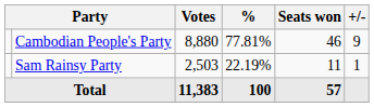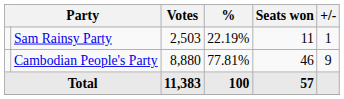 <table class="wikitable" style="font-size:95%;text-align:center;">
 <tr style="background-color:#E9E9E9;">
 <th colspan="2">Party</th>
 <th>Votes</th>
 <th>%</th>
 <th>Seats won</th>
 <th>+/-</th>
 </tr>
 <tr>
 <td style="background:"></td>
+<td style="text-align:left;"><a href='#'>Sam Rainsy Party</a></td>
+<td style="text-align:right;">2,503</td>
+<td style="text-align:right;">22.19%</td>
+<td style="text-align:right;">11</td>
+<td> 1</td>
+</tr>
+<tr>
+<td style="background:"></td>
 <td style="text-align:left;"><a href='#'>Cambodian People's Party</a></td>
 <td style="text-align:right;">8,880</td>
 <td style="text-align:right;">77.81%</td>
 <td style="text-align:right;">46</td>
 <td> 9</td>
-</tr>
-<tr>
-<td style="background:"></td>
-<td style="text-align:left;"><a href='#'>Sam Rainsy Party</a></td>
-<td style="text-align:right;">2,503</td>
-<td style="text-align:right;">22.19%</td>
-<td style="text-align:right;">11</td>
-<td> 1</td>
 </tr>
 <tr>
 <td colspan=2 bgcolor="#E9E9E9"><strong>Total</strong></td>
 <td align=right bgcolor="#E9E9E9"><strong>11,383</strong></td>
 <td align=right bgcolor="#E9E9E9"><strong>100</strong></td>
 <td align=right bgcolor="#E9E9E9"><strong>57</strong></td>
 <td align=right bgcolor="#E9E9E9"></td>
 </tr>
 <tr>
 </tr>
 </table>
